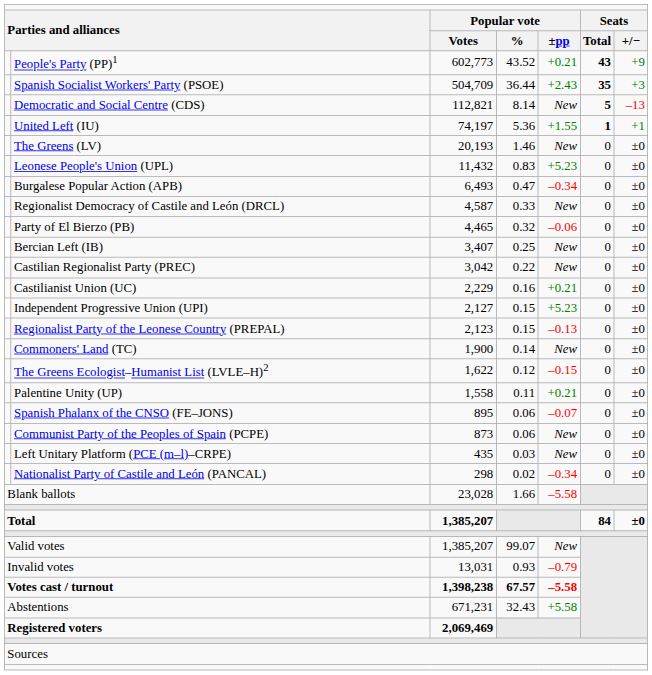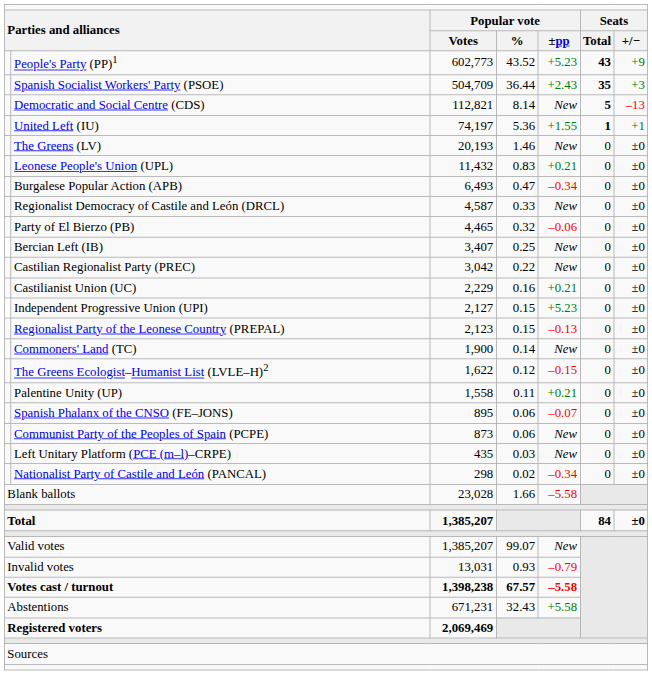 <table class="wikitable" style="text-align:right;">
 <tr>
 <td colspan="7"></td>
 </tr>
 <tr>
 <th style="text-align:left;" rowspan="2" colspan="2" width="525">Parties and alliances</th>
 <th colspan="3">Popular vote</th>
 <th colspan="2">Seats</th>
 </tr>
 <tr>
 <th width="75">Votes</th>
 <th width="45">%</th>
 <th width="45">±<a href='#'>pp</a></th>
 <th width="35">Total</th>
 <th width="35">+/−</th>
 </tr>
 <tr>
 <td width="1" style="color:inherit;background:"></td>
 <td align="left"><a href='#'>People's Party</a> (PP)<sup>1</sup></td>
 <td>602,773</td>
 <td>43.52</td>
-<td style="color:green;">+0.21</td>
+<td style="color:green;">+5.23</td>
 <td><strong>43</strong></td>
 <td style="color:green;">+9</td>
 </tr>
 <tr>
 <td style="color:inherit;background:"></td>
 <td align="left"><a href='#'>Spanish Socialist Workers' Party</a> (PSOE)</td>
 <td>504,709</td>
 <td>36.44</td>
 <td style="color:green;">+2.43</td>
 <td><strong>35</strong></td>
 <td style="color:green;">+3</td>
 </tr>
 <tr>
 <td style="color:inherit;background:"></td>
 <td align="left"><a href='#'>Democratic and Social Centre</a> (CDS)</td>
 <td>112,821</td>
 <td>8.14</td>
 <td><em>New</em></td>
 <td><strong>5</strong></td>
 <td style="color:red;">–13</td>
 </tr>
 <tr>
 <td style="color:inherit;background:"></td>
 <td align="left"><a href='#'>United Left</a> (IU)</td>
 <td>74,197</td>
 <td>5.36</td>
 <td style="color:green;">+1.55</td>
 <td><strong>1</strong></td>
 <td style="color:green;">+1</td>
 </tr>
 <tr>
 <td style="color:inherit;background:"></td>
 <td align="left"><a href='#'>The Greens</a> (LV)</td>
 <td>20,193</td>
 <td>1.46</td>
 <td><em>New</em></td>
 <td>0</td>
 <td>±0</td>
 </tr>
 <tr>
 <td style="color:inherit;background:"></td>
 <td align="left"><a href='#'>Leonese People's Union</a> (UPL)</td>
 <td>11,432</td>
 <td>0.83</td>
-<td style="color:green;">+5.23</td>
+<td style="color:green;">+0.21</td>
 <td>0</td>
 <td>±0</td>
 </tr>
 <tr>
 <td style="color:inherit;background:"></td>
 <td align="left">Burgalese Popular Action (APB)</td>
 <td>6,493</td>
 <td>0.47</td>
 <td style="color:red;">–0.34</td>
 <td>0</td>
 <td>±0</td>
 </tr>
 <tr>
 <td style="color:inherit;background:"></td>
 <td align="left">Regionalist Democracy of Castile and León (DRCL)</td>
 <td>4,587</td>
 <td>0.33</td>
 <td><em>New</em></td>
 <td>0</td>
 <td>±0</td>
 </tr>
 <tr>
 <td style="color:inherit;background:"></td>
 <td align="left">Party of El Bierzo (PB)</td>
 <td>4,465</td>
 <td>0.32</td>
 <td style="color:red;">–0.06</td>
 <td>0</td>
 <td>±0</td>
 </tr>
 <tr>
 <td bgcolor="white"></td>
 <td align="left">Bercian Left (IB)</td>
 <td>3,407</td>
 <td>0.25</td>
 <td><em>New</em></td>
 <td>0</td>
 <td>±0</td>
 </tr>
 <tr>
 <td style="color:inherit;background:"></td>
 <td align="left">Castilian Regionalist Party (PREC)</td>
 <td>3,042</td>
 <td>0.22</td>
 <td><em>New</em></td>
 <td>0</td>
 <td>±0</td>
 </tr>
 <tr>
 <td style="color:inherit;background:"></td>
 <td align="left">Castilianist Union (UC)</td>
 <td>2,229</td>
 <td>0.16</td>
 <td style="color:green;">+0.21</td>
 <td>0</td>
 <td>±0</td>
 </tr>
 <tr>
 <td bgcolor="white"></td>
 <td align="left">Independent Progressive Union (UPI)</td>
 <td>2,127</td>
 <td>0.15</td>
 <td style="color:green;">+5.23</td>
 <td>0</td>
 <td>±0</td>
 </tr>
 <tr>
 <td style="color:inherit;background:"></td>
 <td align="left"><a href='#'>Regionalist Party of the Leonese Country</a> (PREPAL)</td>
 <td>2,123</td>
 <td>0.15</td>
 <td style="color:red;">–0.13</td>
 <td>0</td>
 <td>±0</td>
 </tr>
 <tr>
 <td style="color:inherit;background:"></td>
 <td align="left"><a href='#'>Commoners' Land</a> (TC)</td>
 <td>1,900</td>
 <td>0.14</td>
 <td><em>New</em></td>
 <td>0</td>
 <td>±0</td>
 </tr>
 <tr>
 <td style="color:inherit;background:"></td>
 <td align="left"><a href='#'>The Greens Ecologist</a>–<a href='#'>Humanist List</a> (LVLE–H)<sup>2</sup></td>
 <td>1,622</td>
 <td>0.12</td>
 <td style="color:red;">–0.15</td>
 <td>0</td>
 <td>±0</td>
 </tr>
 <tr>
 <td style="color:inherit;background:"></td>
 <td align="left">Palentine Unity (UP)</td>
 <td>1,558</td>
 <td>0.11</td>
 <td style="color:green;">+0.21</td>
 <td>0</td>
 <td>±0</td>
 </tr>
 <tr>
 <td style="color:inherit;background:"></td>
 <td align="left"><a href='#'>Spanish Phalanx of the CNSO</a> (FE–JONS)</td>
 <td>895</td>
 <td>0.06</td>
 <td style="color:red;">–0.07</td>
 <td>0</td>
 <td>±0</td>
 </tr>
 <tr>
 <td style="color:inherit;background:"></td>
 <td align="left"><a href='#'>Communist Party of the Peoples of Spain</a> (PCPE)</td>
 <td>873</td>
 <td>0.06</td>
 <td><em>New</em></td>
 <td>0</td>
 <td>±0</td>
 </tr>
 <tr>
 <td style="color:inherit;background:"></td>
 <td align="left">Left Unitary Platform (<a href='#'>PCE (m–l)</a>–CRPE)</td>
 <td>435</td>
 <td>0.03</td>
 <td><em>New</em></td>
 <td>0</td>
 <td>±0</td>
 </tr>
 <tr>
 <td style="color:inherit;background:"></td>
 <td align="left"><a href='#'>Nationalist Party of Castile and León</a> (PANCAL)</td>
 <td>298</td>
 <td>0.02</td>
 <td style="color:red;">–0.34</td>
 <td>0</td>
 <td>±0</td>
 </tr>
 <tr>
 <td align="left" colspan="2">Blank ballots</td>
 <td>23,028</td>
 <td>1.66</td>
 <td style="color:red;">–5.58</td>
 <td bgcolor="#E9E9E9" colspan="2"></td>
 </tr>
 <tr>
 <td colspan="7" bgcolor="#E9E9E9"></td>
 </tr>
 <tr style="font-weight:bold;">
 <td align="left" colspan="2">Total</td>
 <td>1,385,207</td>
 <td bgcolor="#E9E9E9" colspan="2"></td>
 <td>84</td>
 <td>±0</td>
 </tr>
 <tr>
 <td colspan="7" bgcolor="#E9E9E9"></td>
 </tr>
 <tr>
 <td align="left" colspan="2">Valid votes</td>
 <td>1,385,207</td>
 <td>99.07</td>
 <td><em>New</em></td>
 <td bgcolor="#E9E9E9" colspan="2" rowspan="5"></td>
 </tr>
 <tr>
 <td align="left" colspan="2">Invalid votes</td>
 <td>13,031</td>
 <td>0.93</td>
 <td style="color:red;">–0.79</td>
 </tr>
 <tr style="font-weight:bold;">
 <td align="left" colspan="2">Votes cast / turnout</td>
 <td>1,398,238</td>
 <td>67.57</td>
 <td style="color:red;">–5.58</td>
 </tr>
 <tr>
 <td align="left" colspan="2">Abstentions</td>
 <td>671,231</td>
 <td>32.43</td>
 <td style="color:green;">+5.58</td>
 </tr>
 <tr style="font-weight:bold;">
 <td align="left" colspan="2">Registered voters</td>
 <td>2,069,469</td>
 <td bgcolor="#E9E9E9" colspan="2"></td>
 </tr>
 <tr>
 <td colspan="7" bgcolor="#E9E9E9"></td>
 </tr>
 <tr>
 <td align="left" colspan="7">Sources</td>
 </tr>
 <tr>
 <td colspan="7" style="text-align:left; max-width:790px;"></td>
 </tr>
 </table>
